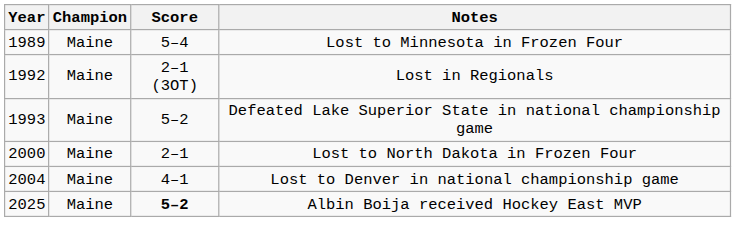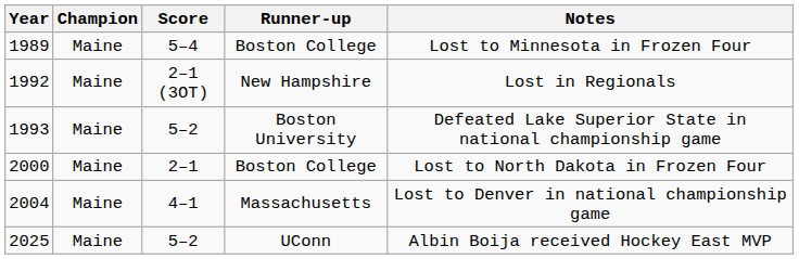 <table class="wikitable" style="text-align: center">
 <tr>
 <th>Year</th>
 <th>Champion</th>
 <th>Score</th>
+<th>Runner-up</th>
 <th>Notes</th>
 </tr>
 <tr>
 <td>1989</td>
 <td>Maine</td>
 <td>5–4</td>
+<td>Boston College</td>
 <td>Lost to Minnesota in Frozen Four</td>
 </tr>
 <tr>
 <td>1992</td>
 <td>Maine</td>
 <td>2–1 (3OT)</td>
+<td>New Hampshire</td>
 <td>Lost in Regionals</td>
 </tr>
 <tr>
 <td>1993</td>
 <td>Maine</td>
 <td>5–2</td>
+<td>Boston University</td>
 <td>Defeated Lake Superior State in national championship game</td>
 </tr>
 <tr>
 <td>2000</td>
 <td>Maine</td>
 <td>2–1</td>
+<td>Boston College</td>
 <td>Lost to North Dakota in Frozen Four</td>
 </tr>
 <tr>
 <td>2004</td>
 <td>Maine</td>
 <td>4–1</td>
+<td>Massachusetts</td>
 <td>Lost to Denver in national championship game</td>
 </tr>
 <tr>
 <td>2025</td>
 <td>Maine</td>
-<td><strong>5–2</strong></td>
+<td>5–2</td>
+<td>UConn</td>
 <td>Albin Boija received Hockey East MVP</td>
 </tr>
 </table>
